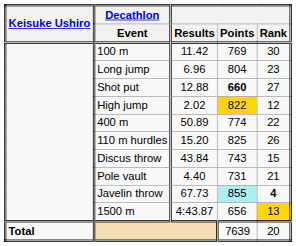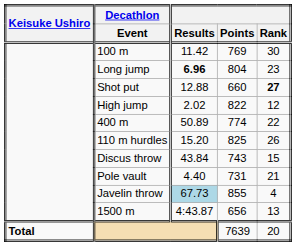 <table class=wikitable style="font-size:90%; border: double;">
 <tr>
 <th style="border-right:double" rowspan="2"><a href='#'>Keisuke Ushiro</a></th>
 <th style="border-right:double"><a href='#'>Decathlon</a></th>
 <th colspan="3"></th>
 </tr>
 <tr>
 <th style="border-right:double">Event</th>
 <th>Results</th>
 <th>Points</th>
 <th>Rank</th>
 </tr>
 <tr style="border-top: double;">
 <td style="border-right:double" rowspan="10"></td>
 <td style="border-right:double">100 m</td>
 <td align=center>11.42</td>
 <td align=center>769</td>
 <td align=center>30</td>
 </tr>
 <tr>
 <td style="border-right:double">Long jump</td>
-<td align=center>6.96</td>
+<td align=center><strong>6.96</strong></td>
 <td align=center>804</td>
 <td align=center>23</td>
 </tr>
 <tr>
 <td style="border-right:double">Shot put</td>
 <td align=center>12.88</td>
-<td align=center><strong>660</strong></td>
-<td align=center>27</td>
+<td align=center>660</td>
+<td align=center><strong>27</strong></td>
 </tr>
 <tr>
 <td style="border-right:double">High jump</td>
 <td align=center>2.02</td>
-<td align=center style="background: gold;">822</td>
+<td align=center>822</td>
 <td align=center>12</td>
 </tr>
 <tr>
 <td style="border-right:double">400 m</td>
 <td align=center>50.89</td>
 <td align=center>774</td>
 <td align=center>22</td>
 </tr>
 <tr>
 <td style="border-right:double">110 m hurdles</td>
 <td align=center>15.20</td>
 <td align=center>825</td>
 <td align=center>26</td>
 </tr>
 <tr>
 <td style="border-right:double">Discus throw</td>
 <td align=center>43.84</td>
 <td align=center>743</td>
 <td align=center>15</td>
 </tr>
 <tr>
 <td style="border-right:double">Pole vault</td>
 <td align=center>4.40</td>
 <td align=center>731</td>
 <td align=center>21</td>
 </tr>
 <tr>
 <td style="border-right:double">Javelin throw</td>
-<td align=center>67.73</td>
-<td align=center style="background: paleturquoise;">855</td>
-<td align=center><strong>4</strong></td>
+<td align=center style="background: lightblue;">67.73</td>
+<td align=center>855</td>
+<td align=center>4</td>
 </tr>
 <tr>
 <td style="border-right:double">1500 m</td>
 <td align=center>4:43.87</td>
 <td align=center>656</td>
-<td align=center style="background: gold;">13</td>
+<td align=center>13</td>
 </tr>
 <tr style="border-top: double;">
 <td style="border-right:double"><strong>Total</strong></td>
 <td colspan="2" style="background:wheat; border-right:double;"></td>
 <td align=center>7639</td>
 <td align=center>20</td>
 </tr>
 </table>
